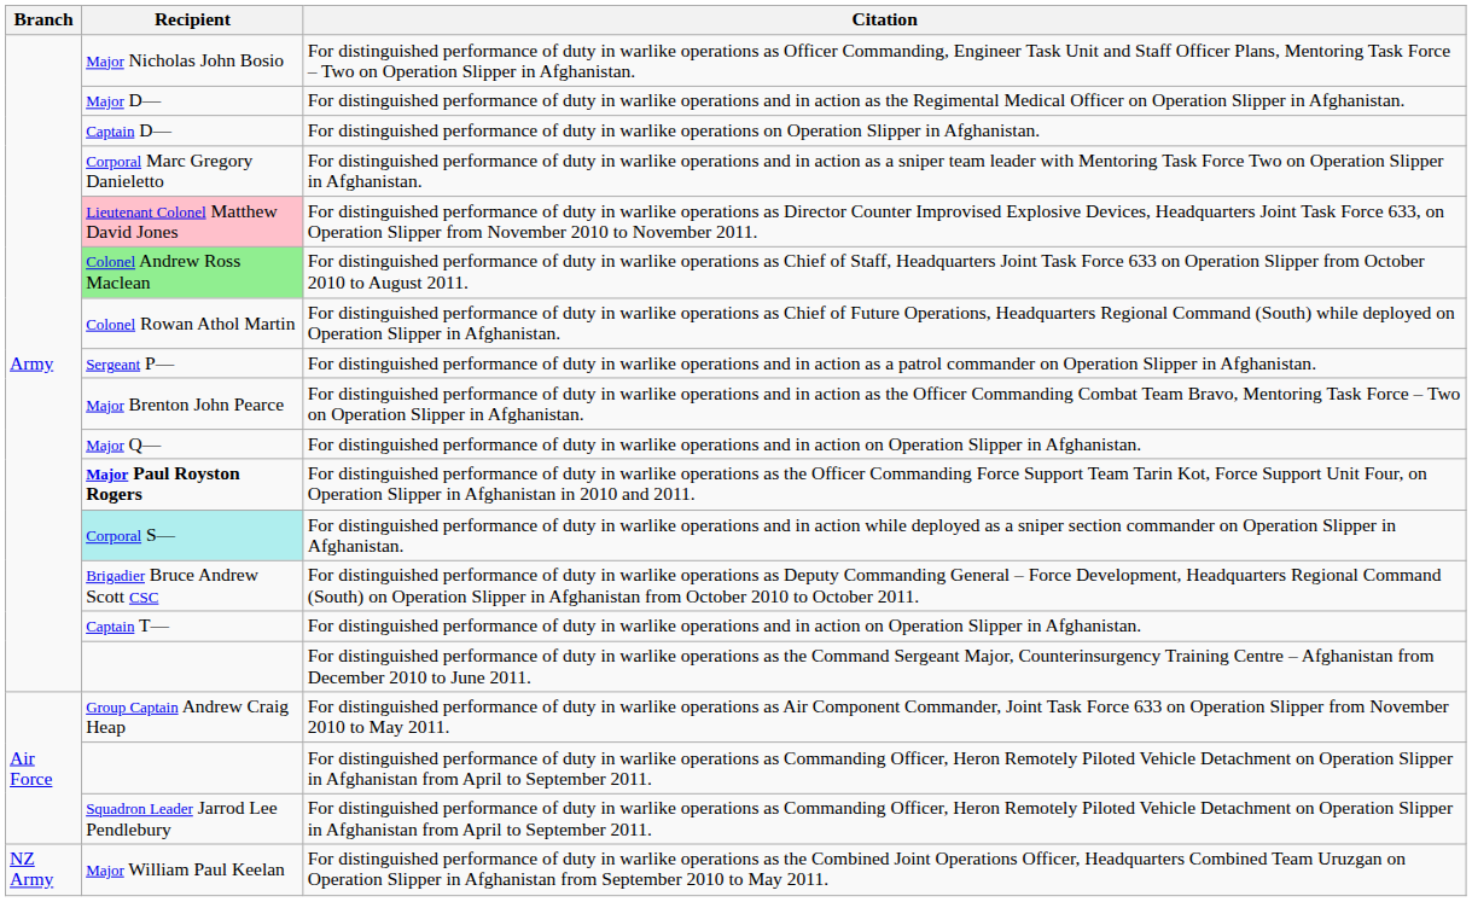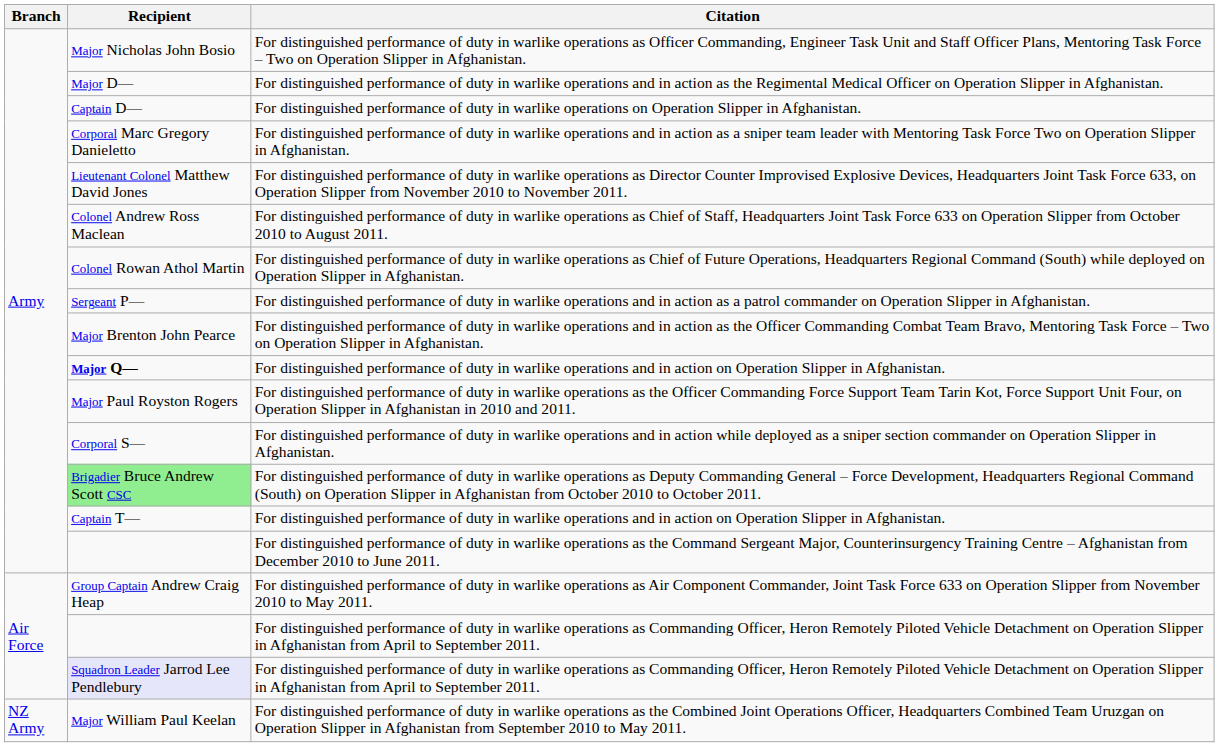 <table class=wikitable>
 <tr>
 <th>Branch</th>
 <th>Recipient</th>
 <th>Citation</th>
 </tr>
 <tr>
 <td rowspan="15"><a href='#'>Army</a></td>
 <td><small><a href='#'>Major</a></small> Nicholas John Bosio</td>
 <td>For distinguished performance of duty in warlike operations as Officer Commanding, Engineer Task Unit and Staff Officer Plans, Mentoring Task Force – Two on Operation Slipper in Afghanistan.</td>
 </tr>
 <tr>
 <td><small><a href='#'>Major</a></small> D—</td>
 <td>For distinguished performance of duty in warlike operations and in action as the Regimental Medical Officer on Operation Slipper in Afghanistan.</td>
 </tr>
 <tr>
 <td><small><a href='#'>Captain</a></small> D—</td>
 <td>For distinguished performance of duty in warlike operations on Operation Slipper in Afghanistan.</td>
 </tr>
 <tr>
 <td><small><a href='#'>Corporal</a></small> Marc Gregory Danieletto</td>
 <td>For distinguished performance of duty in warlike operations and in action as a sniper team leader with Mentoring Task Force Two on Operation Slipper in Afghanistan.</td>
 </tr>
 <tr>
-<td style="background: pink;"><small><a href='#'>Lieutenant Colonel</a></small> Matthew David Jones</td>
+<td><small><a href='#'>Lieutenant Colonel</a></small> Matthew David Jones</td>
 <td>For distinguished performance of duty in warlike operations as Director Counter Improvised Explosive Devices, Headquarters Joint Task Force 633, on Operation Slipper from November 2010 to November 2011.</td>
 </tr>
 <tr>
-<td style="background: lightgreen;"><small><a href='#'>Colonel</a></small> Andrew Ross Maclean</td>
+<td><small><a href='#'>Colonel</a></small> Andrew Ross Maclean</td>
 <td>For distinguished performance of duty in warlike operations as Chief of Staff, Headquarters Joint Task Force 633 on Operation Slipper from October 2010 to August 2011.</td>
 </tr>
 <tr>
 <td><small><a href='#'>Colonel</a></small> Rowan Athol Martin</td>
 <td>For distinguished performance of duty in warlike operations as Chief of Future Operations, Headquarters Regional Command (South) while deployed on Operation Slipper in Afghanistan.</td>
 </tr>
 <tr>
 <td><small><a href='#'>Sergeant</a></small> P—</td>
 <td>For distinguished performance of duty in warlike operations and in action as a patrol commander on Operation Slipper in Afghanistan.</td>
 </tr>
 <tr>
 <td><small><a href='#'>Major</a></small> Brenton John Pearce</td>
 <td>For distinguished performance of duty in warlike operations and in action as the Officer Commanding Combat Team Bravo, Mentoring Task Force – Two on Operation Slipper in Afghanistan.</td>
 </tr>
 <tr>
-<td><small><a href='#'>Major</a></small> Q—</td>
+<td><strong><small><a href='#'>Major</a></small> Q—</strong></td>
 <td>For distinguished performance of duty in warlike operations and in action on Operation Slipper in Afghanistan.</td>
 </tr>
 <tr>
-<td><strong><small><a href='#'>Major</a></small> Paul Royston Rogers</strong></td>
+<td><small><a href='#'>Major</a></small> Paul Royston Rogers</td>
 <td>For distinguished performance of duty in warlike operations as the Officer Commanding Force Support Team Tarin Kot, Force Support Unit Four, on Operation Slipper in Afghanistan in 2010 and 2011.</td>
 </tr>
 <tr>
-<td style="background: paleturquoise;"><small><a href='#'>Corporal</a></small> S—</td>
+<td><small><a href='#'>Corporal</a></small> S—</td>
 <td>For distinguished performance of duty in warlike operations and in action while deployed as a sniper section commander on Operation Slipper in Afghanistan.</td>
 </tr>
 <tr>
-<td><small><a href='#'>Brigadier</a></small> Bruce Andrew Scott <small><a href='#'>CSC</a></small></td>
+<td style="background: lightgreen;"><small><a href='#'>Brigadier</a></small> Bruce Andrew Scott <small><a href='#'>CSC</a></small></td>
 <td>For distinguished performance of duty in warlike operations as Deputy Commanding General – Force Development, Headquarters Regional Command (South) on Operation Slipper in Afghanistan from October 2010 to October 2011.</td>
 </tr>
 <tr>
 <td><small><a href='#'>Captain</a></small> T—</td>
 <td>For distinguished performance of duty in warlike operations and in action on Operation Slipper in Afghanistan.</td>
 </tr>
 <tr>
 <td></td>
 <td>For distinguished performance of duty in warlike operations as the Command Sergeant Major, Counterinsurgency Training Centre – Afghanistan from December 2010 to June 2011.</td>
 </tr>
 <tr>
 <td rowspan="3"><a href='#'>Air Force</a></td>
 <td><small><a href='#'>Group Captain</a></small> Andrew Craig Heap</td>
 <td>For distinguished performance of duty in warlike operations as Air Component Commander, Joint Task Force 633 on Operation Slipper from November 2010 to May 2011.</td>
 </tr>
 <tr>
 <td></td>
 <td>For distinguished performance of duty in warlike operations as Commanding Officer, Heron Remotely Piloted Vehicle Detachment on Operation Slipper in Afghanistan from April to September 2011.</td>
 </tr>
 <tr>
-<td><small><a href='#'>Squadron Leader</a></small> Jarrod Lee Pendlebury</td>
+<td style="background: lavender;"><small><a href='#'>Squadron Leader</a></small> Jarrod Lee Pendlebury</td>
 <td>For distinguished performance of duty in warlike operations as Commanding Officer, Heron Remotely Piloted Vehicle Detachment on Operation Slipper in Afghanistan from April to September 2011.</td>
 </tr>
 <tr>
 <td><a href='#'>NZ Army</a></td>
 <td><small><a href='#'>Major</a></small> William Paul Keelan</td>
 <td>For distinguished performance of duty in warlike operations as the Combined Joint Operations Officer, Headquarters Combined Team Uruzgan on Operation Slipper in Afghanistan from September 2010 to May 2011.</td>
 </tr>
 </table>
